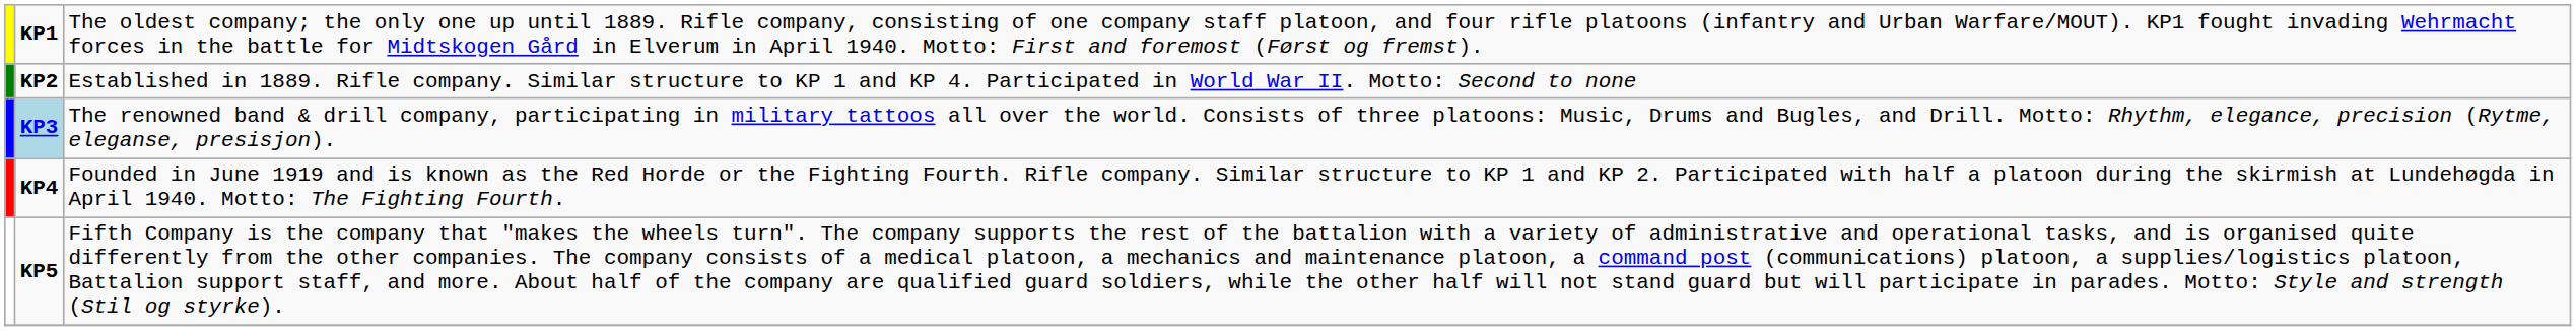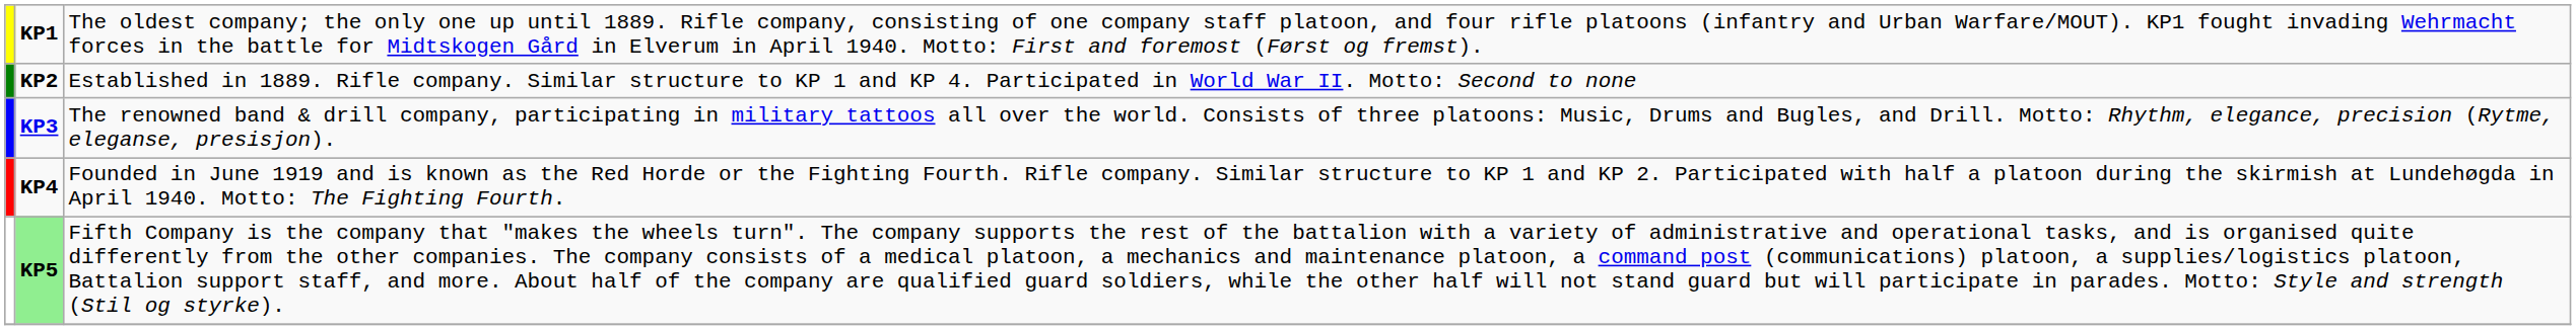 <table class="wikitable" border="1">
 <tr>
 <td style="background:yellow"></td>
 <td><strong>KP1</strong></td>
 <td>The oldest company; the only one up until 1889. Rifle company, consisting of one company staff platoon, and four rifle platoons (infantry and Urban Warfare/MOUT). KP1 fought invading <a href='#'>Wehrmacht</a> forces in the battle for <a href='#'>Midtskogen Gård</a> in Elverum in April 1940. Motto: <em>First and foremost</em> (<em>Først og fremst</em>).</td>
 </tr>
 <tr>
 <td style="background:green"></td>
 <td><strong>KP2</strong></td>
 <td>Established in 1889. Rifle company. Similar structure to KP 1 and KP 4. Participated in <a href='#'>World War II</a>. Motto: <em>Second to none</em></td>
 </tr>
 <tr>
 <td style="background:blue"></td>
-<td style="background: lightblue;"><strong><a href='#'>KP3</a></strong></td>
+<td><strong><a href='#'>KP3</a></strong></td>
 <td>The renowned band & drill company, participating in <a href='#'>military tattoos</a> all over the world. Consists of three platoons: Music, Drums and Bugles, and Drill. Motto: <em>Rhythm, elegance, precision</em> (<em>Rytme, eleganse, presisjon</em>).</td>
 </tr>
 <tr>
 <td style="background:red"></td>
 <td><strong>KP4</strong></td>
 <td>Founded in June 1919 and is known as the Red Horde or the Fighting Fourth. Rifle company. Similar structure to KP 1 and KP 2. Participated with half a platoon during the skirmish at Lundehøgda in April 1940. Motto: <em>The Fighting Fourth</em>.</td>
 </tr>
 <tr>
 <td style="background:white"></td>
-<td><strong>KP5</strong></td>
+<td style="background: lightgreen;"><strong>KP5</strong></td>
 <td>Fifth Company is the company that "makes the wheels turn". The company supports the rest of the battalion with a variety of administrative and operational tasks, and is organised quite differently from the other companies. The company consists of a medical platoon, a mechanics and maintenance platoon, a <a href='#'>command post</a> (communications) platoon, a supplies/logistics platoon, Battalion support staff, and more. About half of the company are qualified guard soldiers, while the other half will not stand guard but will participate in parades. Motto: <em>Style and strength</em> (<em>Stil og styrke</em>).</td>
 </tr>
 <tr>
 </tr>
 </table>
